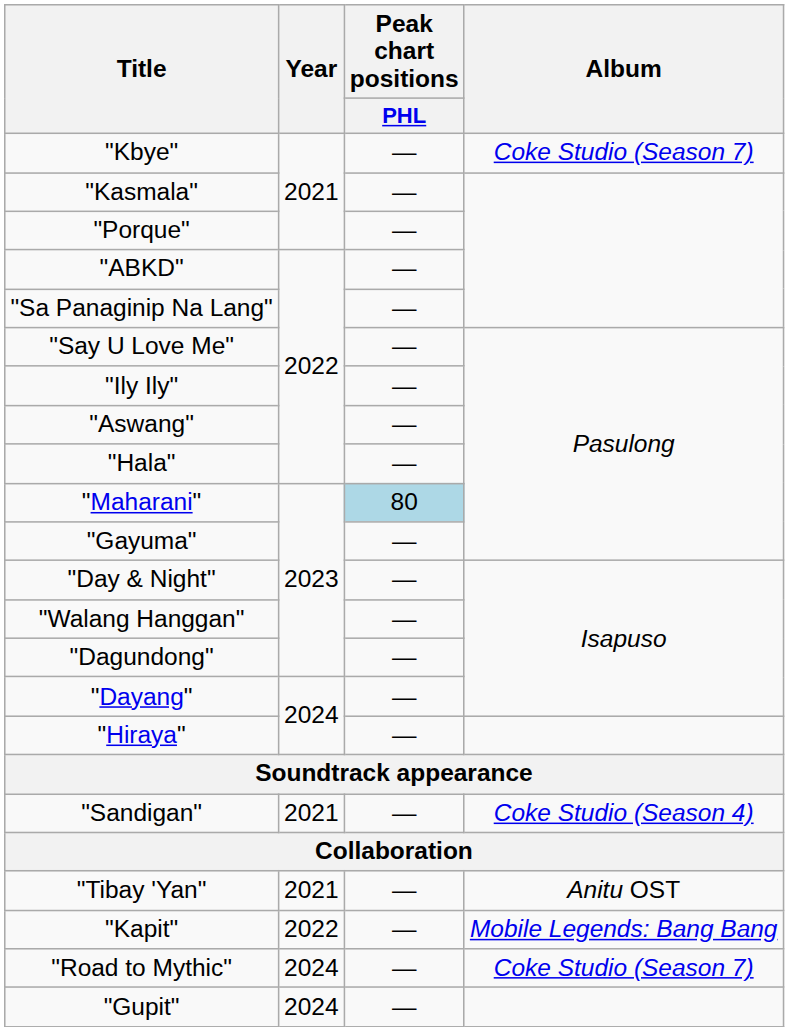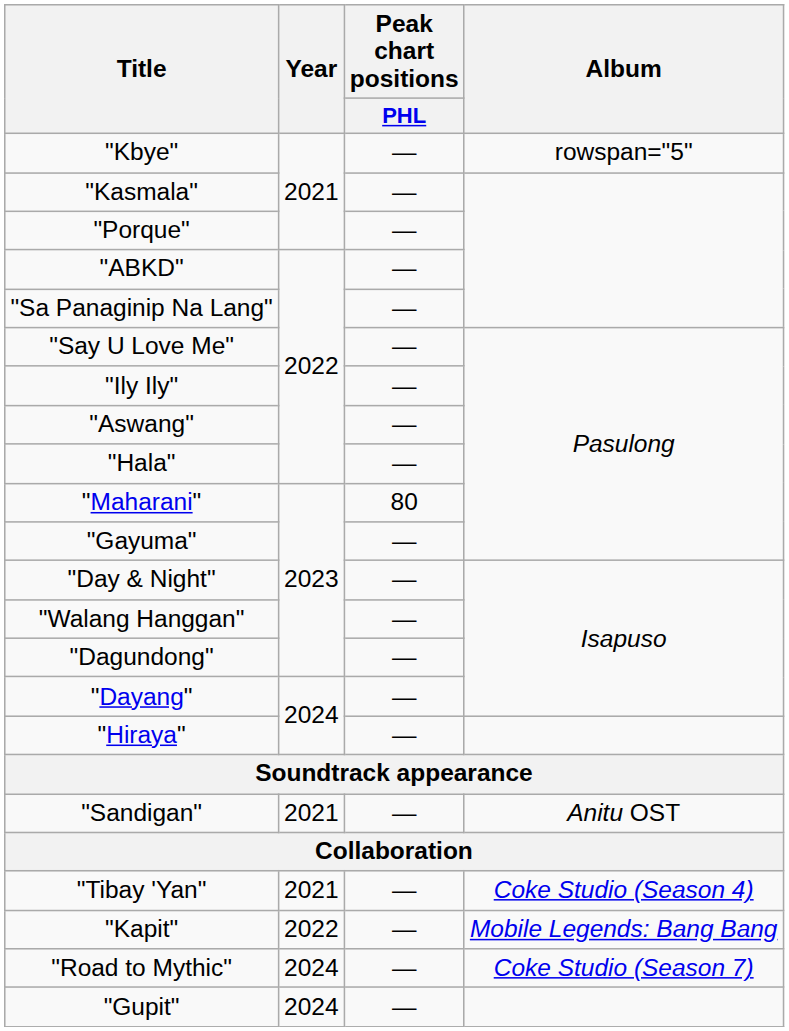 <table class="wikitable plainrowheaders" style="text-align:center;">
 <tr>
 <th scope="col" rowspan="2">Title</th>
 <th scope="col" rowspan="2">Year</th>
 <th scope="col" colspan="1">Peak chart positions</th>
 <th scope="col" rowspan="2">Album</th>
 </tr>
 <tr>
 <th scope="col" style="font-size:90%; width:3.5em"><a href='#'>PHL</a><br></th>
 </tr>
 <tr>
 <td>"Kbye"</td>
 <td rowspan="3">2021</td>
 <td>—</td>
-<td><em><a href='#'>Coke Studio (Season 7)</a></em></td>
+<td>rowspan="5" </td>
 </tr>
 <tr>
 <td>"Kasmala"</td>
 <td>—</td>
 </tr>
 <tr>
 <td>"Porque"</td>
 <td>—</td>
 </tr>
 <tr>
 <td>"ABKD"</td>
 <td rowspan="6">2022</td>
 <td>—</td>
 </tr>
 <tr>
 <td>"Sa Panaginip Na Lang"</td>
 <td>—</td>
 </tr>
 <tr>
 <td>"Say U Love Me"</td>
 <td>—</td>
 <td rowspan="6"><em>Pasulong</em></td>
 </tr>
 <tr>
 <td>"Ily Ily"<br></td>
 <td>—</td>
 </tr>
 <tr>
 <td>"Aswang"</td>
 <td>—</td>
 </tr>
 <tr>
 <td>"Hala"</td>
 <td>—</td>
 </tr>
 <tr>
 <td>"<a href='#'>Maharani</a>"</td>
 <td rowspan="5">2023</td>
-<td style="background: lightblue;">80</td>
+<td>80</td>
 </tr>
 <tr>
 <td>"Gayuma"</td>
 <td>—</td>
 </tr>
 <tr>
 <td>"Day & Night"</td>
 <td>—</td>
 <td rowspan="4"><em>Isapuso</em></td>
 </tr>
 <tr>
 <td>"Walang Hanggan"</td>
 <td>—</td>
 </tr>
 <tr>
 <td>"Dagundong"</td>
 <td>—</td>
 </tr>
 <tr>
 <td>"<a href='#'>Dayang</a>"</td>
 <td rowspan="2">2024</td>
 <td>—</td>
 </tr>
 <tr>
 <td>"<a href='#'>Hiraya</a>"</td>
 <td>—</td>
 <td></td>
 </tr>
 <tr>
 <th colspan="4">Soundtrack appearance</th>
 </tr>
 <tr>
 <td>"Sandigan"</td>
 <td>2021</td>
 <td>—</td>
-<td><em><a href='#'>Coke Studio (Season 4)</a></em></td>
+<td><em>Anitu</em> OST</td>
 </tr>
 <tr>
 <th colspan="8">Collaboration</th>
 </tr>
 <tr>
 <td>"Tibay 'Yan"<br></td>
 <td>2021</td>
 <td>—</td>
-<td><em>Anitu</em> OST</td>
+<td><em><a href='#'>Coke Studio (Season 4)</a></em></td>
 </tr>
 <tr>
 <td>"Kapit"<br></td>
 <td>2022</td>
 <td>—</td>
 <td><em><a href='#'>Mobile Legends: Bang Bang</a></em></td>
 </tr>
 <tr>
 <td>"Road to Mythic"<br></td>
 <td>2024</td>
 <td>—</td>
 <td><em><a href='#'>Coke Studio (Season 7)</a></em></td>
 </tr>
 <tr>
 <td>"Gupit"<br></td>
 <td>2024</td>
 <td>—</td>
 <td></td>
 </tr>
 </table>
